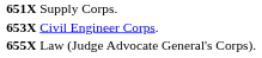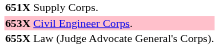 <table>
 <tr>
 <td><strong>651X</strong> Supply Corps.</td>
 </tr>
 <tr>
-<td><strong>653X</strong> <a href='#'>Civil Engineer Corps</a>.</td>
+<td style="background: pink;"><strong>653X</strong> <a href='#'>Civil Engineer Corps</a>.</td>
 </tr>
 <tr>
 <td><strong>655X</strong> Law (Judge Advocate General's Corps).</td>
 </tr>
 </table>
